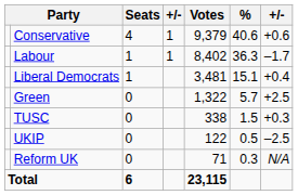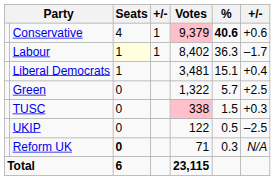 <table class="wikitable sortable">
 <tr>
 <th colspan="2">Party</th>
 <th>Seats</th>
 <th>+/-</th>
 <th>Votes</th>
 <th>%</th>
 <th>+/-</th>
 </tr>
 <tr>
 <td style="background-color: "></td>
 <td><a href='#'>Conservative</a></td>
 <td>4</td>
 <td> 1</td>
-<td style="text-align:right;">9,379</td>
-<td style="text-align:right;">40.6</td>
+<td style="background: pink; text-align:right;">9,379</td>
+<td style="text-align:right;"><strong>40.6</strong></td>
 <td style="text-align:right;">+0.6</td>
 </tr>
 <tr>
 <td style="background-color: "></td>
 <td><a href='#'>Labour</a></td>
-<td>1</td>
+<td style="background: lightyellow;">1</td>
 <td> 1</td>
 <td style="text-align:right;">8,402</td>
 <td style="text-align:right;">36.3</td>
 <td style="text-align:right;">–1.7</td>
 </tr>
 <tr>
 <td style="background-color: "></td>
 <td><a href='#'>Liberal Democrats</a></td>
 <td>1</td>
 <td></td>
 <td style="text-align:right;">3,481</td>
 <td style="text-align:right;">15.1</td>
 <td style="text-align:right;">+0.4</td>
 </tr>
 <tr>
 <td style="background-color: "></td>
 <td><a href='#'>Green</a></td>
 <td>0</td>
 <td></td>
 <td style="text-align:right;">1,322</td>
 <td style="text-align:right;">5.7</td>
 <td style="text-align:right;">+2.5</td>
 </tr>
 <tr>
 <td style="background-color: "></td>
 <td><a href='#'>TUSC</a></td>
 <td>0</td>
 <td></td>
-<td style="text-align:right;">338</td>
+<td style="background: pink; text-align:right;">338</td>
 <td style="text-align:right;">1.5</td>
 <td style="text-align:right;">+0.3</td>
 </tr>
 <tr>
 <td style="background-color: "></td>
 <td><a href='#'>UKIP</a></td>
 <td>0</td>
 <td></td>
 <td style="text-align:right;">122</td>
 <td style="text-align:right;">0.5</td>
 <td style="text-align:right;">–2.5</td>
 </tr>
 <tr>
 <td style="background-color: "></td>
 <td><a href='#'>Reform UK</a></td>
-<td>0</td>
+<td><strong>0</strong></td>
 <td></td>
 <td style="text-align:right;">71</td>
 <td style="text-align:right;">0.3</td>
 <td style="text-align:right;"><em>N/A</em></td>
 </tr>
 <tr>
 <td colspan="2"><strong>Total</strong></td>
 <td><strong>6</strong></td>
 <td></td>
 <td style="text-align:right;"><strong>23,115</strong></td>
 <td style="text-align:right;"></td>
 <td style="text-align:right;"></td>
 </tr>
 </table>
